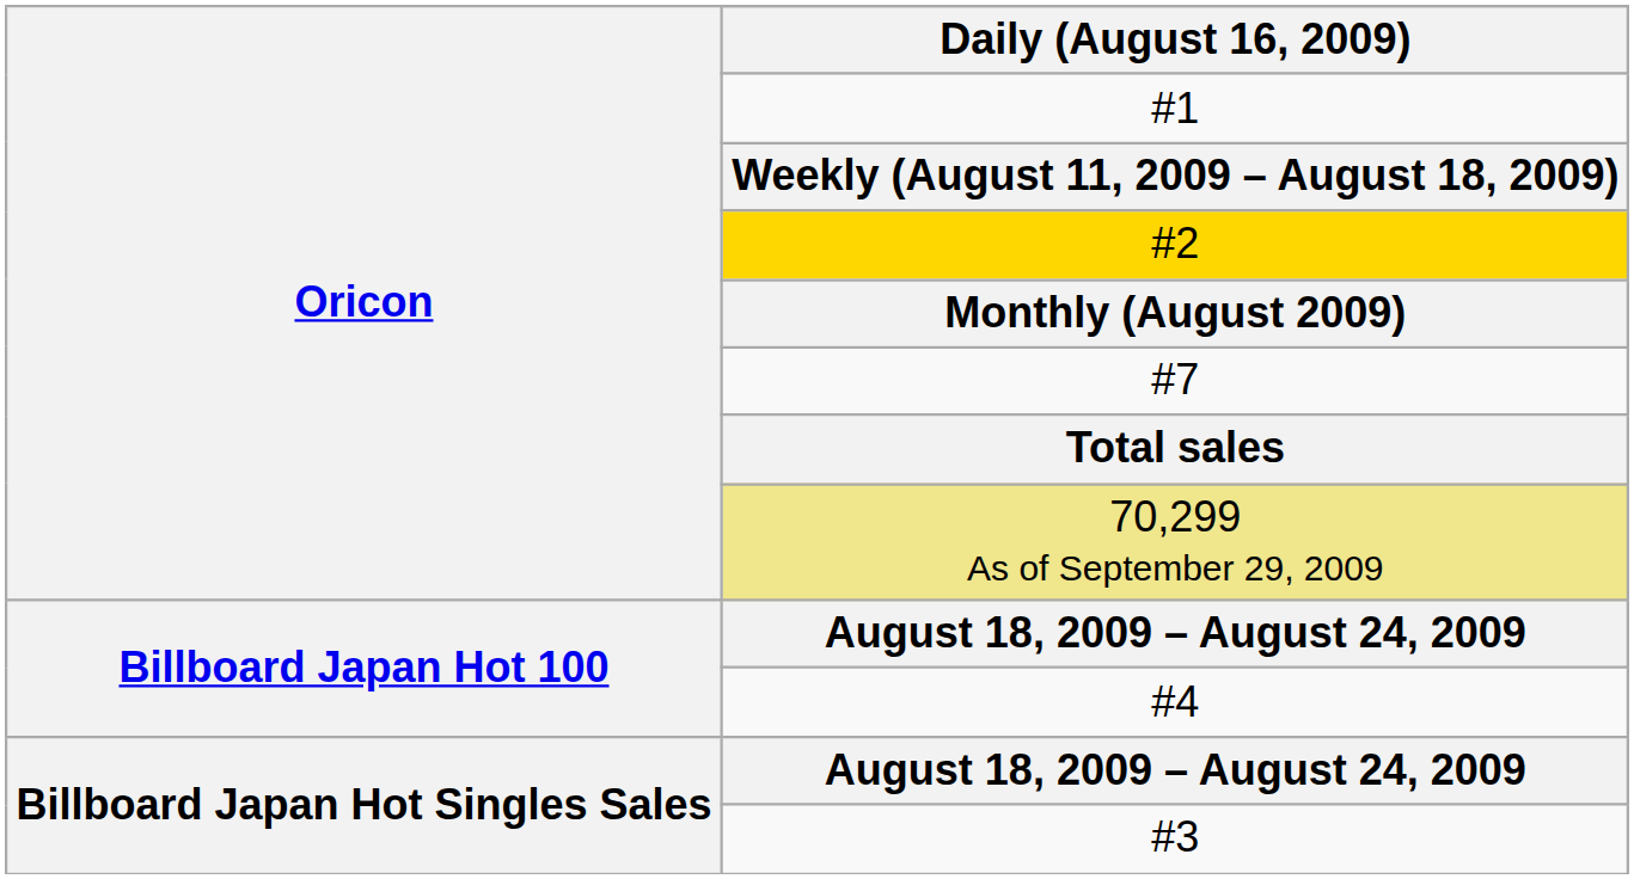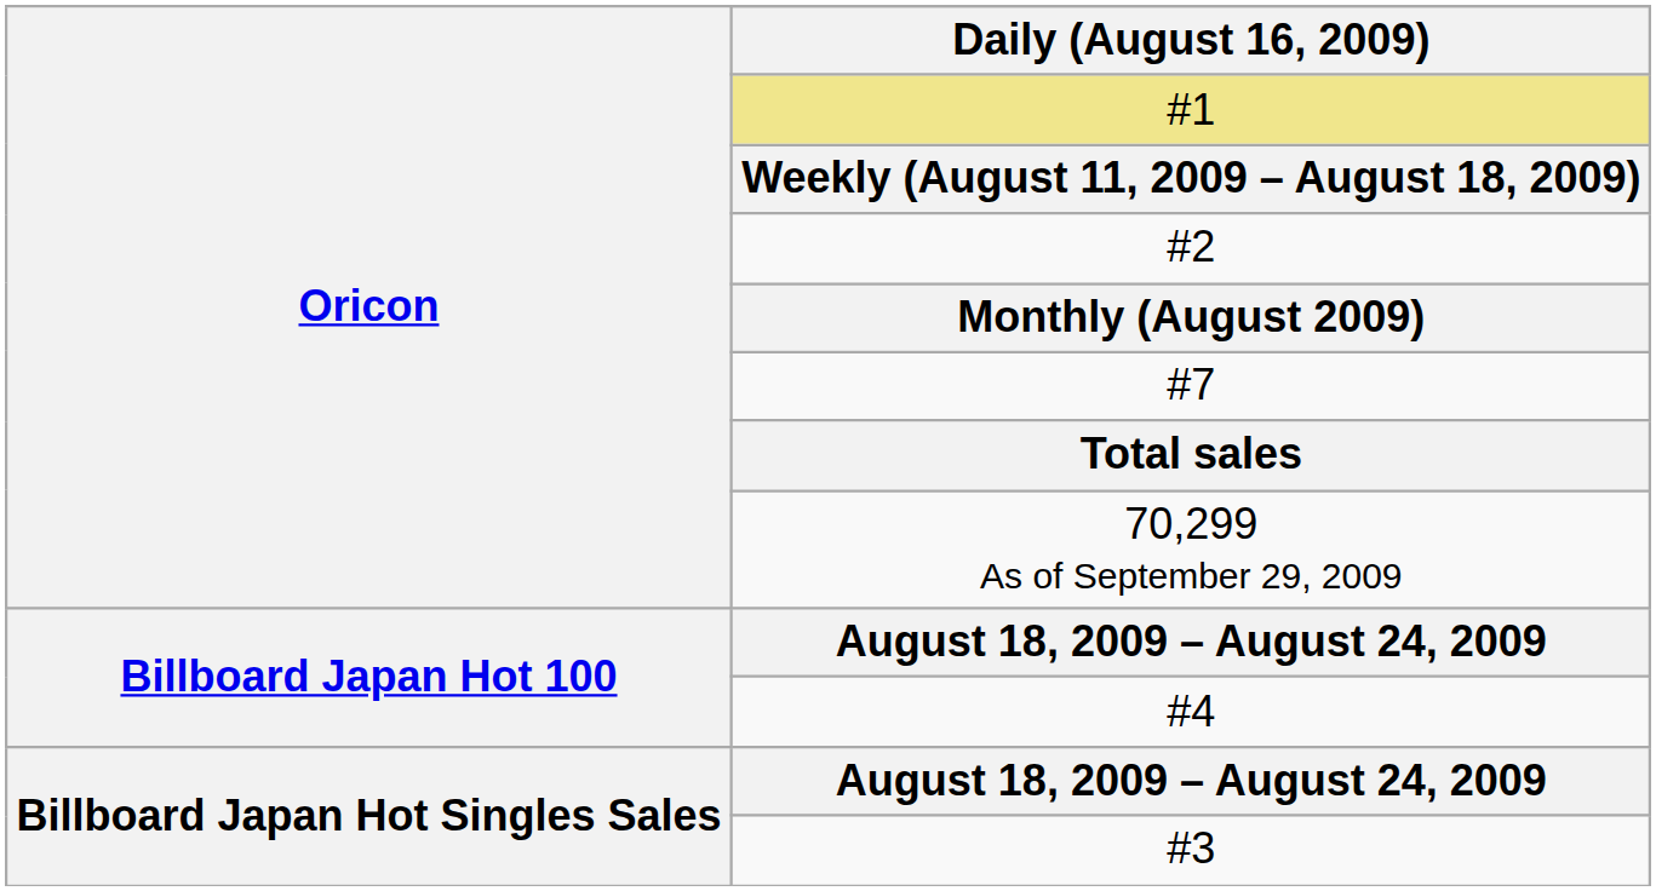 <table class="wikitable" style="text-align:center" cellpadding="2">
 <tr>
 <th rowspan=9><a href='#'>Oricon</a></th>
 </tr>
 <tr>
 <th>Daily (August 16, 2009)</th>
 </tr>
 <tr>
-<td>#1</td>
+<td style="background: khaki;">#1</td>
 </tr>
 <tr>
 <th>Weekly (August 11, 2009 – August 18, 2009)</th>
 </tr>
 <tr>
-<td style="background: gold;">#2</td>
+<td>#2</td>
 </tr>
 <tr>
 <th>Monthly (August 2009)</th>
 </tr>
 <tr>
 <td>#7</td>
 </tr>
 <tr>
 <th>Total sales</th>
 </tr>
 <tr>
-<td style="background: khaki;">70,299<br><small>As of September 29, 2009</small></td>
+<td>70,299<br><small>As of September 29, 2009</small></td>
 </tr>
 <tr>
 <th rowspan=2><a href='#'>Billboard Japan Hot 100</a></th>
 <th>August 18, 2009 – August 24, 2009</th>
 </tr>
 <tr>
 <td>#4</td>
 </tr>
 <tr>
 <th rowspan=2>Billboard Japan Hot Singles Sales</th>
 <th>August 18, 2009 – August 24, 2009</th>
 </tr>
 <tr>
 <td>#3</td>
 </tr>
 </table>
